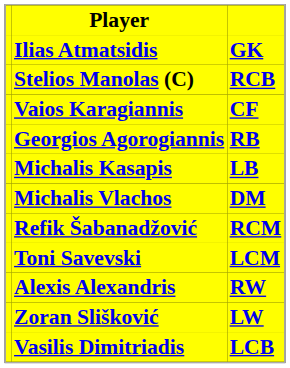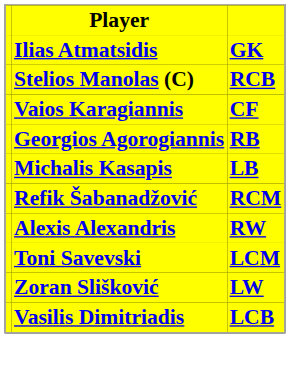 <table class="toccolours" border="0" cellpadding="2" cellspacing="0" align="center" style="margin: 0.5em 0 1em 1em; background: #000000; border: 1px #aaaaaa solid;">
 <tr bgcolor=#FFFF00>
 <th></th>
 <th>Player</th>
 <th></th>
 </tr>
 <tr bgcolor=#FFFF00>
 <td></td>
 <td><a href='#'><span><strong>Ilias Atmatsidis</strong></span></a></td>
 <td><a href='#'><strong>GK</strong></a></td>
 </tr>
 <tr bgcolor=#FFFF00>
 <td></td>
 <td><a href='#'><span><strong>Stelios Manolas</strong></span></a> <strong>(C)</strong></td>
 <td><a href='#'><strong>RCB</strong></a></td>
 </tr>
 <tr bgcolor=#FFFF00>
 <td></td>
 <td><a href='#'><span><strong>Vaios Karagiannis</strong></span></a></td>
 <td><a href='#'><strong>CF</strong></a></td>
 </tr>
 <tr bgcolor=#FFFF00>
 <td></td>
 <td><a href='#'><span><strong>Georgios Agorogiannis</strong></span></a></td>
 <td><a href='#'><strong>RB</strong></a></td>
 </tr>
 <tr bgcolor=#FFFF00>
 <td></td>
 <td><a href='#'><span><strong>Michalis Kasapis</strong></span></a></td>
 <td><a href='#'><strong>LB</strong></a></td>
 </tr>
 <tr bgcolor=#FFFF00>
 <td></td>
-<td><a href='#'><span><strong>Michalis Vlachos</strong></span></a></td>
-<td><a href='#'><strong>DM</strong></a></td>
-</tr>
-<tr bgcolor=#FFFF00>
-<td></td>
 <td><a href='#'><span><strong>Refik Šabanadžović</strong></span></a></td>
 <td><a href='#'><strong>RCM</strong></a></td>
 </tr>
 <tr bgcolor=#FFFF00>
 <td></td>
-<td><a href='#'><span><strong>Toni Savevski</strong></span></a></td>
-<td><a href='#'><strong>LCM</strong></a></td>
+<td><a href='#'><span><strong>Alexis Alexandris</strong></span></a></td>
+<td><a href='#'><strong>RW</strong></a></td>
 </tr>
 <tr bgcolor=#FFFF00>
 <td></td>
-<td><a href='#'><span><strong>Alexis Alexandris</strong></span></a></td>
-<td><a href='#'><strong>RW</strong></a></td>
+<td><a href='#'><span><strong>Toni Savevski</strong></span></a></td>
+<td><a href='#'><strong>LCM</strong></a></td>
 </tr>
 <tr bgcolor=#FFFF00>
 <td></td>
 <td><a href='#'><span><strong>Zoran Slišković</strong></span></a></td>
 <td><a href='#'><strong>LW</strong></a></td>
 </tr>
 <tr bgcolor=#FFFF00>
 <td></td>
 <td><a href='#'><span><strong>Vasilis Dimitriadis</strong></span></a></td>
 <td><a href='#'><strong>LCB</strong></a></td>
 </tr>
 </table>
